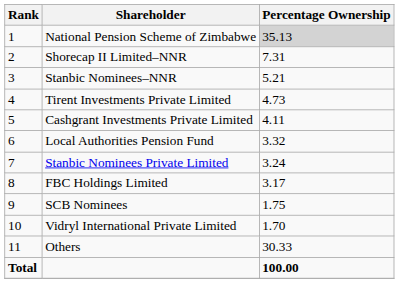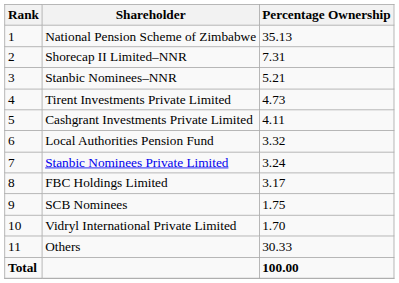 <table class="wikitable sortable" style="margin-left:auto;margin-right:auto">
 <tr>
 <th style="width:2em;">Rank</th>
 <th>Shareholder</th>
 <th>Percentage Ownership</th>
 </tr>
 <tr>
 <td>1</td>
 <td>National Pension Scheme of Zimbabwe</td>
-<td style="background: lightgrey;">35.13</td>
+<td>35.13</td>
 </tr>
 <tr>
 <td>2</td>
 <td>Shorecap II Limited–NNR</td>
 <td>7.31</td>
 </tr>
 <tr>
 <td>3</td>
 <td>Stanbic Nominees–NNR</td>
 <td>5.21</td>
 </tr>
 <tr>
 <td>4</td>
 <td>Tirent Investments Private Limited</td>
 <td>4.73</td>
 </tr>
 <tr>
 <td>5</td>
 <td>Cashgrant Investments Private Limited</td>
 <td>4.11</td>
 </tr>
 <tr>
 <td>6</td>
 <td>Local Authorities Pension Fund</td>
 <td>3.32</td>
 </tr>
 <tr>
 <td>7</td>
 <td><a href='#'>Stanbic Nominees Private Limited</a></td>
 <td>3.24</td>
 </tr>
 <tr>
 <td>8</td>
 <td>FBC Holdings Limited</td>
 <td>3.17</td>
 </tr>
 <tr>
 <td>9</td>
 <td>SCB Nominees</td>
 <td>1.75</td>
 </tr>
 <tr>
 <td>10</td>
 <td>Vidryl International Private Limited</td>
 <td>1.70</td>
 </tr>
 <tr>
 <td>11</td>
 <td>Others</td>
 <td>30.33</td>
 </tr>
 <tr>
 <td><strong>Total</strong></td>
 <td></td>
 <td><strong>100.00</strong></td>
 </tr>
 <tr>
 </tr>
 </table>
